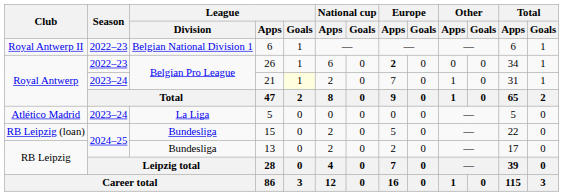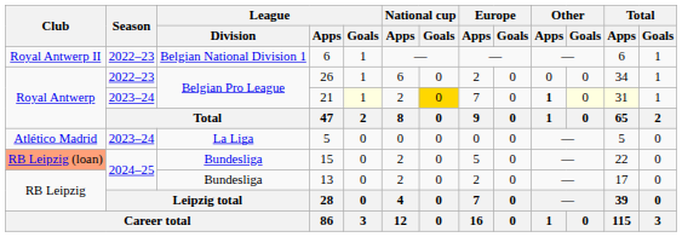 <table class="wikitable" style="text-align:center">
 <tr>
 <th rowspan="2">Club</th>
 <th rowspan="2">Season</th>
 <th colspan="3">League</th>
 <th colspan="2">National cup</th>
 <th colspan="2">Europe</th>
 <th colspan="2">Other</th>
 <th colspan="3">Total</th>
 </tr>
 <tr>
 <th>Division</th>
 <th>Apps</th>
 <th>Goals</th>
 <th>Apps</th>
 <th>Goals</th>
 <th>Apps</th>
 <th>Goals</th>
 <th>Apps</th>
 <th>Goals</th>
 <th>Apps</th>
 <th>Goals</th>
 </tr>
 <tr>
 <td><a href='#'>Royal Antwerp II</a></td>
 <td><a href='#'>2022–23</a></td>
 <td><a href='#'>Belgian National Division 1</a></td>
 <td>6</td>
 <td>1</td>
 <td colspan="2">—</td>
 <td colspan="2">—</td>
 <td colspan="2">—</td>
 <td>6</td>
 <td>1</td>
 </tr>
 <tr>
 <td rowspan="3"><a href='#'>Royal Antwerp</a></td>
 <td><a href='#'>2022–23</a></td>
 <td rowspan="2"><a href='#'>Belgian Pro League</a></td>
 <td>26</td>
 <td>1</td>
 <td>6</td>
 <td>0</td>
-<td><strong>2</strong></td>
+<td>2</td>
 <td>0</td>
 <td>0</td>
 <td>0</td>
 <td>34</td>
 <td>1</td>
 </tr>
 <tr>
 <td><a href='#'>2023–24</a></td>
 <td>21</td>
 <td style="background: lightyellow;">1</td>
 <td>2</td>
-<td>0</td>
+<td style="background: gold;">0</td>
 <td>7</td>
 <td>0</td>
-<td>1</td>
-<td>0</td>
-<td>31</td>
+<td><strong>1</strong></td>
+<td style="background: lightyellow;">0</td>
+<td style="background: lightyellow;">31</td>
 <td>1</td>
 </tr>
 <tr>
 <th colspan="2">Total</th>
 <th>47</th>
 <th>2</th>
 <th>8</th>
 <th>0</th>
 <th>9</th>
 <th>0</th>
 <th>1</th>
 <th>0</th>
 <th>65</th>
 <th>2</th>
 </tr>
 <tr>
 <td><a href='#'>Atlético Madrid</a></td>
 <td><a href='#'>2023–24</a></td>
 <td><a href='#'>La Liga</a></td>
 <td>5</td>
 <td>0</td>
 <td>0</td>
 <td>0</td>
 <td>0</td>
 <td>0</td>
 <td colspan="2">—</td>
 <td>5</td>
 <td>0</td>
 </tr>
 <tr>
-<td><a href='#'>RB Leipzig</a> (loan)</td>
+<td style="background: lightsalmon;"><a href='#'>RB Leipzig</a> (loan)</td>
 <td rowspan="2"><a href='#'>2024–25</a></td>
 <td><a href='#'>Bundesliga</a></td>
 <td>15</td>
 <td>0</td>
 <td>2</td>
 <td>0</td>
 <td>5</td>
 <td>0</td>
 <td colspan="2">—</td>
 <td>22</td>
 <td>0</td>
 </tr>
 <tr>
 <td rowspan="2">RB Leipzig</td>
 <td>Bundesliga</td>
 <td>13</td>
 <td>0</td>
 <td>2</td>
 <td>0</td>
 <td>2</td>
 <td>0</td>
 <td colspan="2">—</td>
 <td>17</td>
 <td>0</td>
 </tr>
 <tr>
 <th colspan="2">Leipzig total</th>
 <th>28</th>
 <th>0</th>
 <th>4</th>
 <th>0</th>
 <th>7</th>
 <th>0</th>
 <th colspan="2">—</th>
 <th>39</th>
 <th>0</th>
 </tr>
 <tr>
 <th colspan="3">Career total</th>
 <th>86</th>
 <th>3</th>
 <th>12</th>
 <th>0</th>
 <th>16</th>
 <th>0</th>
 <th>1</th>
 <th>0</th>
 <th>115</th>
 <th>3</th>
 </tr>
 </table>
